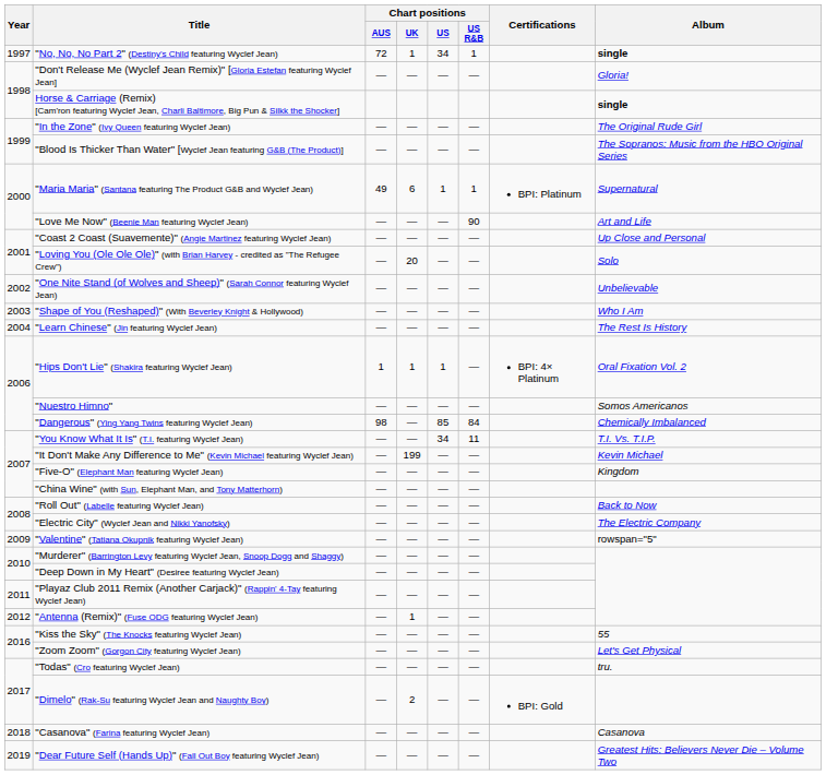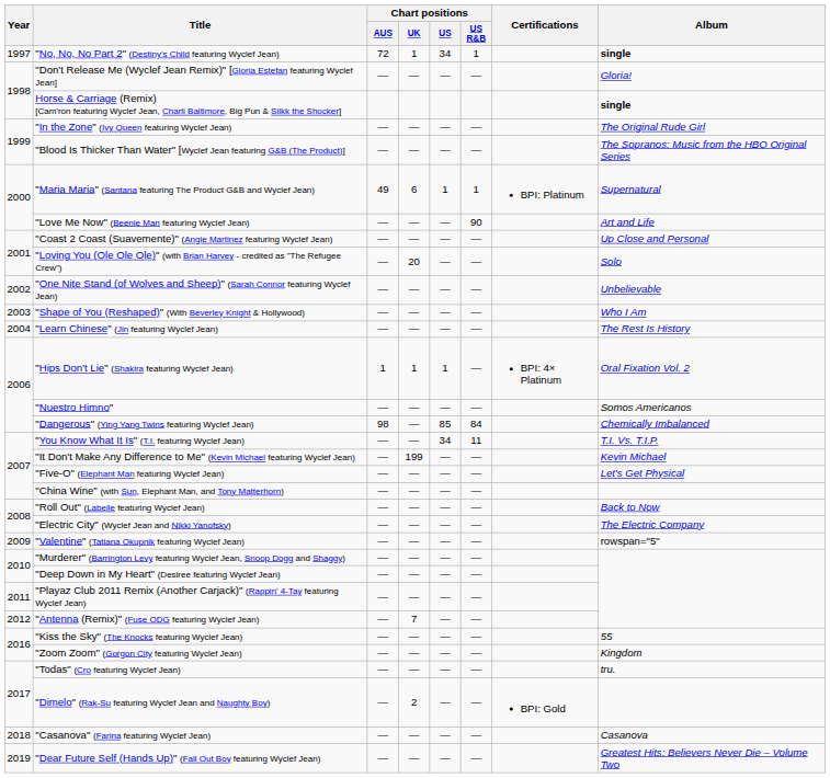 <table class="wikitable">
 <tr>
 <th rowspan="2" align="center">Year</th>
 <th rowspan="2" align="center">Title</th>
 <th colspan="4" align="center">Chart positions</th>
 <th rowspan="2" align="center">Certifications</th>
 <th rowspan="2" align="center">Album</th>
 </tr>
 <tr>
 <th style="width:3em;font-size:85%"><a href='#'>AUS</a><br></th>
 <th style="width:3em;font-size:85%"><a href='#'>UK</a></th>
 <th style="width:3em;font-size:85%"><a href='#'>US</a><br></th>
 <th style="width:3em;font-size:85%"><a href='#'>US R&B</a><br></th>
 </tr>
 <tr>
 <td align="center">1997</td>
 <td align="left">"<a href='#'>No, No, No Part 2</a>" <small>(<a href='#'>Destiny's Child</a> featuring Wyclef Jean)</small></td>
 <td align="center">72</td>
 <td align="center">1</td>
 <td align="center">34</td>
 <td align="center">1</td>
 <td></td>
 <td align="left"><strong>single</strong></td>
 </tr>
 <tr>
 <td align="center" rowspan="2">1998</td>
 <td align="left">"Don't Release Me (Wyclef Jean Remix)" [<small><a href='#'>Gloria Estefan</a> featuring Wyclef Jean]</small></td>
 <td align="center">—</td>
 <td align="center">—</td>
 <td align="center">—</td>
 <td align="center">—</td>
 <td></td>
 <td align="left"><em><a href='#'>Gloria!</a></em></td>
 </tr>
 <tr>
 <td><a href='#'>Horse & Carriage</a> (Remix)<br><small>[Cam'ron featuring Wyclef Jean, <a href='#'>Charli Baltimore</a>, Big Pun & <a href='#'>Silkk the Shocker</a>]</small></td>
 <td></td>
 <td></td>
 <td></td>
 <td></td>
 <td></td>
 <td><strong>single</strong></td>
 </tr>
 <tr>
 <td rowspan="2">1999</td>
 <td align="left">"<a href='#'>In the Zone</a>" <small>(<a href='#'>Ivy Queen</a> featuring Wyclef Jean)</small></td>
 <td align="center">—</td>
 <td align="center">—</td>
 <td align="center">—</td>
 <td align="center">—</td>
 <td></td>
 <td align="left"><em><a href='#'>The Original Rude Girl</a></em></td>
 </tr>
 <tr>
 <td align="left">"Blood Is Thicker Than Water" [<small>Wyclef Jean featuring <a href='#'>G&B (The Product)</a>]</small></td>
 <td align="center">—</td>
 <td align="center">—</td>
 <td align="center">—</td>
 <td align="center">—</td>
 <td></td>
 <td align="left"><em><a href='#'>The Sopranos: Music from the HBO Original Series</a></em></td>
 </tr>
 <tr>
 <td align="center" rowspan="2">2000</td>
 <td align="left">"<a href='#'>Maria Maria</a>" <small>(<a href='#'>Santana</a> featuring The Product G&B and Wyclef Jean)</small></td>
 <td align="center">49</td>
 <td align="center">6</td>
 <td align="center">1</td>
 <td align="center">1</td>
 <td><br><ul><li>BPI: Platinum</li></ul></td>
 <td align="left"><em><a href='#'>Supernatural</a></em></td>
 </tr>
 <tr>
 <td align="left">"Love Me Now" <small>(<a href='#'>Beenie Man</a> featuring Wyclef Jean)</small></td>
 <td align="center">—</td>
 <td align="center">—</td>
 <td align="center">—</td>
 <td align="center">90</td>
 <td></td>
 <td align="left"><em><a href='#'>Art and Life</a></em></td>
 </tr>
 <tr>
 <td align="center" rowspan="2">2001</td>
 <td align="left">"Coast 2 Coast (Suavemente)" <small>(<a href='#'>Angie Martinez</a> featuring Wyclef Jean)</small></td>
 <td align="center">—</td>
 <td align="center">—</td>
 <td align="center">—</td>
 <td align="center">—</td>
 <td></td>
 <td align="left"><em><a href='#'>Up Close and Personal</a></em></td>
 </tr>
 <tr>
 <td align="left">"<a href='#'>Loving You (Ole Ole Ole)</a>" <small>(with <a href='#'>Brian Harvey</a> - credited as "The Refugee Crew")</small></td>
 <td align="center">—</td>
 <td align="center">20</td>
 <td align="center">—</td>
 <td align="center">—</td>
 <td></td>
 <td align="left"><em><a href='#'>Solo</a></em></td>
 </tr>
 <tr>
 <td align="center">2002</td>
 <td align="left">"<a href='#'>One Nite Stand (of Wolves and Sheep)</a>" <small>(<a href='#'>Sarah Connor</a> featuring Wyclef Jean)</small></td>
 <td align="center">—</td>
 <td align="center">—</td>
 <td align="center">—</td>
 <td align="center">—</td>
 <td></td>
 <td align="left"><em><a href='#'>Unbelievable</a></em></td>
 </tr>
 <tr>
 <td>2003</td>
 <td align="left">"<a href='#'>Shape of You (Reshaped)</a>" <small>(With <a href='#'>Beverley Knight</a> & Hollywood)</small></td>
 <td align="center">—</td>
 <td align="center">—</td>
 <td align="center">—</td>
 <td align="center">—</td>
 <td></td>
 <td align="left"><em><a href='#'>Who I Am</a></em></td>
 </tr>
 <tr>
 <td align="center">2004</td>
 <td align="left">"<a href='#'>Learn Chinese</a>" <small>(<a href='#'>Jin</a> featuring Wyclef Jean)</small></td>
 <td align="center">—</td>
 <td align="center">—</td>
 <td align="center">—</td>
 <td align="center">—</td>
 <td></td>
 <td align="left"><em><a href='#'>The Rest Is History</a></em></td>
 </tr>
 <tr>
 <td align="center" rowspan="3">2006</td>
 <td align="left">"<a href='#'>Hips Don't Lie</a>" <small>(<a href='#'>Shakira</a> featuring Wyclef Jean)</small></td>
 <td align="center">1</td>
 <td align="center">1</td>
 <td align="center">1</td>
 <td align="center">—</td>
 <td><br><ul><li>BPI: 4× Platinum</li></ul></td>
 <td align="left"><em><a href='#'>Oral Fixation Vol. 2</a></em></td>
 </tr>
 <tr>
 <td>"<a href='#'>Nuestro Himno</a>"</td>
 <td align="center">—</td>
 <td align="center">—</td>
 <td align="center">—</td>
 <td align="center">—</td>
 <td></td>
 <td><em>Somos Americanos</em></td>
 </tr>
 <tr>
 <td align="left">"<a href='#'>Dangerous</a>" <small>(<a href='#'>Ying Yang Twins</a> featuring Wyclef Jean)</small></td>
 <td align="center">98</td>
 <td align="center">—</td>
 <td align="center">85</td>
 <td align="center">84</td>
 <td></td>
 <td align="left"><em><a href='#'>Chemically Imbalanced</a></em></td>
 </tr>
 <tr>
 <td align="center" rowspan="4">2007</td>
 <td align="left">"<a href='#'>You Know What It Is</a>" <small>(<a href='#'>T.I.</a> featuring Wyclef Jean)</small></td>
 <td align="center">—</td>
 <td align="center">—</td>
 <td align="center">34</td>
 <td align="center">11</td>
 <td></td>
 <td align="left"><em><a href='#'>T.I. Vs. T.I.P.</a></em></td>
 </tr>
 <tr>
 <td align="left">"It Don't Make Any Difference to Me" <small>(<a href='#'>Kevin Michael</a> featuring Wyclef Jean)</small></td>
 <td align="center">—</td>
 <td align="center">199</td>
 <td align="center">—</td>
 <td align="center">—</td>
 <td></td>
 <td align="left"><em><a href='#'>Kevin Michael</a></em></td>
 </tr>
 <tr>
 <td align="left">"Five-O" <small>(<a href='#'>Elephant Man</a> featuring Wyclef Jean)</small></td>
 <td align="center">—</td>
 <td align="center">—</td>
 <td align="center">—</td>
 <td align="center">—</td>
 <td></td>
-<td align="left"><em>Kingdom</em></td>
+<td align="left"><em><a href='#'>Let's Get Physical</a></em></td>
 </tr>
 <tr>
 <td align="left">"China Wine" <small>(with <a href='#'>Sun</a>, Elephant Man, and <a href='#'>Tony Matterhorn</a>)</small></td>
 <td align="center">—</td>
 <td align="center">—</td>
 <td align="center">—</td>
 <td align="center">—</td>
 <td></td>
 <td></td>
 </tr>
 <tr>
 <td align="center" rowspan="2">2008</td>
 <td align="left">"Roll Out" <small>(<a href='#'>Labelle</a> featuring Wyclef Jean)</small></td>
 <td align="center">—</td>
 <td align="center">—</td>
 <td align="center">—</td>
 <td align="center">—</td>
 <td></td>
 <td align="left"><em><a href='#'>Back to Now</a></em></td>
 </tr>
 <tr>
 <td>"Electric City" <small>(Wyclef Jean and <a href='#'>Nikki Yanofsky</a>)</small></td>
 <td align="center">—</td>
 <td align="center">—</td>
 <td align="center">—</td>
 <td align="center">—</td>
 <td></td>
 <td><em><a href='#'>The Electric Company</a> </em></td>
 </tr>
 <tr>
 <td align="center">2009</td>
 <td align="left">"<a href='#'>Valentine</a>" <small>(<a href='#'>Tatiana Okupnik</a> featuring Wyclef Jean)</small></td>
 <td align="center">—</td>
 <td align="center">—</td>
 <td align="center">—</td>
 <td align="center">—</td>
 <td></td>
 <td>rowspan="5" </td>
 </tr>
 <tr>
 <td align="center" rowspan="2">2010</td>
 <td align="left">"Murderer" <small>(<a href='#'>Barrington Levy</a> featuring Wyclef Jean, <a href='#'>Snoop Dogg</a> and <a href='#'>Shaggy</a>)</small></td>
 <td align="center">—</td>
 <td align="center">—</td>
 <td align="center">—</td>
 <td align="center">—</td>
 <td></td>
 </tr>
 <tr>
 <td align="left">"Deep Down in My Heart" <small>(Desiree featuring Wyclef Jean)</small></td>
 <td align="center">—</td>
 <td align="center">—</td>
 <td align="center">—</td>
 <td align="center">—</td>
 <td></td>
 </tr>
 <tr>
 <td align="center">2011</td>
 <td align="left">"Playaz Club 2011 Remix (Another Carjack)" <small>(<a href='#'>Rappin' 4-Tay</a> featuring Wyclef Jean)</small></td>
 <td align="center">—</td>
 <td align="center">—</td>
 <td align="center">—</td>
 <td align="center">—</td>
 <td></td>
 </tr>
 <tr>
 <td align="center">2012</td>
 <td align="left">"<a href='#'>Antenna</a> (Remix)" <small>(<a href='#'>Fuse ODG</a> featuring Wyclef Jean)</small></td>
 <td align="center">—</td>
-<td align="center">1</td>
+<td align="center">7</td>
 <td align="center">—</td>
 <td align="center">—</td>
 <td></td>
 </tr>
 <tr>
 <td align="center" rowspan="2">2016</td>
 <td align="left">"Kiss the Sky" <small>(<a href='#'>The Knocks</a> featuring Wyclef Jean)</small></td>
 <td align="center">—</td>
 <td align="center">—</td>
 <td align="center">—</td>
 <td align="center">—</td>
 <td></td>
 <td align="left"><em>55</em></td>
 </tr>
 <tr>
 <td align="left">"Zoom Zoom" <small>(<a href='#'>Gorgon City</a> featuring Wyclef Jean)</small></td>
 <td align="center">—</td>
 <td align="center">—</td>
 <td align="center">—</td>
 <td align="center">—</td>
 <td></td>
-<td align="left"><em><a href='#'>Let's Get Physical</a></em></td>
+<td align="left"><em>Kingdom</em></td>
 </tr>
 <tr>
 <td align="center" rowspan="2">2017</td>
 <td align="left">"Todas" <small>(<a href='#'>Cro</a> featuring Wyclef Jean)</small></td>
 <td align="center">—</td>
 <td align="center">—</td>
 <td align="center">—</td>
 <td align="center">—</td>
 <td></td>
 <td align="left"><em>tru.</em></td>
 </tr>
 <tr>
 <td align="left">"<a href='#'>Dimelo</a>" <small>(<a href='#'>Rak-Su</a> featuring Wyclef Jean and <a href='#'>Naughty Boy</a>)</small></td>
 <td align="center">—</td>
 <td align="center">2</td>
 <td align="center">—</td>
 <td align="center">—</td>
 <td><br><ul><li>BPI: Gold</li></ul></td>
 <td></td>
 </tr>
 <tr>
 <td>2018</td>
 <td>"Casanova" <small>(<a href='#'>Farina</a> featuring Wyclef Jean)</small></td>
 <td align="center">—</td>
 <td align="center">—</td>
 <td align="center">—</td>
 <td align="center">—</td>
 <td></td>
 <td><em>Casanova</em></td>
 </tr>
 <tr>
 <td>2019</td>
 <td>"<a href='#'>Dear Future Self (Hands Up)</a>" <small>(<a href='#'>Fall Out Boy</a> featuring Wyclef Jean)</small></td>
 <td align="center">—</td>
 <td align="center">—</td>
 <td align="center">—</td>
 <td align="center">—</td>
 <td></td>
 <td><em><a href='#'>Greatest Hits: Believers Never Die – Volume Two</a></em></td>
 </tr>
 </table>
